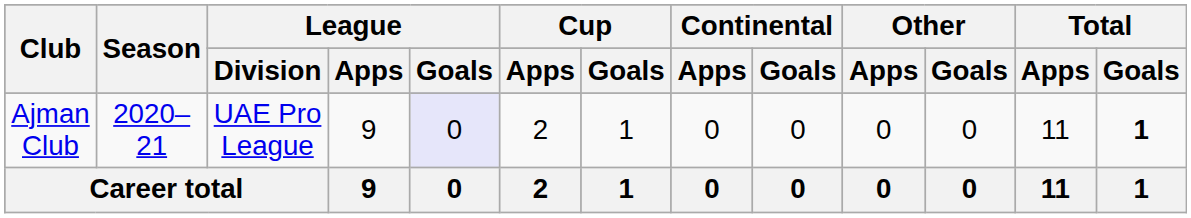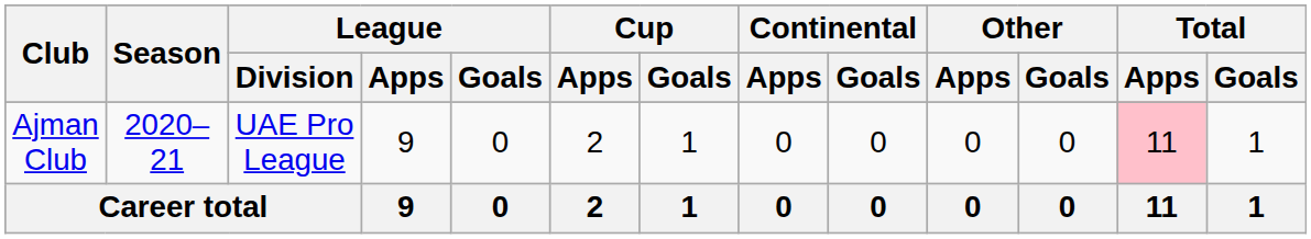 <table class="wikitable" style="text-align: center">
 <tr>
 <th rowspan="2">Club</th>
 <th rowspan="2">Season</th>
 <th colspan="3">League</th>
 <th colspan="2">Cup</th>
 <th colspan="2">Continental</th>
 <th colspan="2">Other</th>
 <th colspan="2">Total</th>
 </tr>
 <tr>
 <th>Division</th>
 <th>Apps</th>
 <th>Goals</th>
 <th>Apps</th>
 <th>Goals</th>
 <th>Apps</th>
 <th>Goals</th>
 <th>Apps</th>
 <th>Goals</th>
 <th>Apps</th>
 <th>Goals</th>
 </tr>
 <tr>
 <td><a href='#'>Ajman Club</a></td>
 <td><a href='#'>2020–21</a></td>
 <td><a href='#'>UAE Pro League</a></td>
 <td>9</td>
-<td style="background: lavender;">0</td>
+<td>0</td>
 <td>2</td>
 <td>1</td>
 <td>0</td>
 <td>0</td>
 <td>0</td>
 <td>0</td>
-<td>11</td>
-<td><strong>1</strong></td>
+<td style="background: pink;">11</td>
+<td>1</td>
 </tr>
 <tr>
 <th colspan="3"><strong>Career total</strong></th>
 <th>9</th>
 <th>0</th>
 <th>2</th>
 <th>1</th>
 <th>0</th>
 <th>0</th>
 <th>0</th>
 <th>0</th>
 <th>11</th>
 <th>1</th>
 </tr>
 </table>
